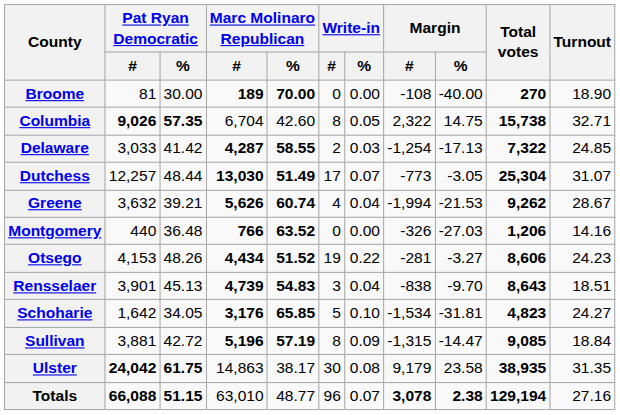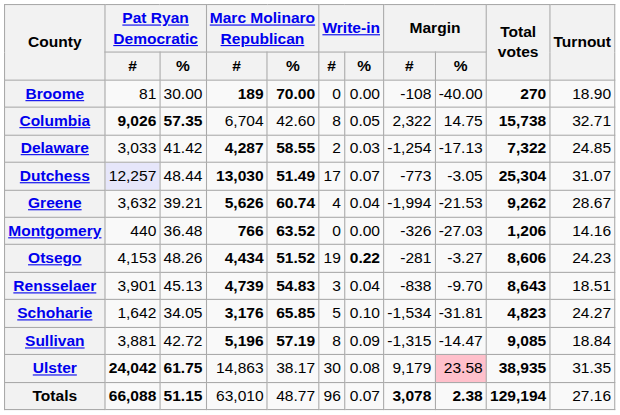 <table class="wikitable sortable" style="text-align:right;font-size:90%;line-height:1.3">
 <tr>
 <th rowspan="2">County</th>
 <th colspan="2"><a href='#'>Pat Ryan</a><br><a href='#'>Democratic</a></th>
 <th colspan="2"><a href='#'>Marc Molinaro</a><br><a href='#'>Republican</a></th>
 <th colspan="2"><a href='#'>Write-in</a></th>
 <th colspan="2">Margin</th>
 <th rowspan="2">Total<br>votes</th>
 <th rowspan="2">Turnout</th>
 </tr>
 <tr>
 <th data-sort-type="number">#</th>
 <th data-sort-type="number">%</th>
 <th data-sort-type="number">#</th>
 <th data-sort-type="number">%</th>
 <th data-sort-type="number">#</th>
 <th data-sort-type="number">%</th>
 <th data-sort-type="number">#</th>
 <th data-sort-type="number">%</th>
 </tr>
 <tr>
 <th><a href='#'>Broome</a> </th>
 <td>81</td>
 <td>30.00</td>
 <td><strong>189</strong></td>
 <td><strong>70.00</strong></td>
 <td>0</td>
 <td>0.00</td>
 <td>-108</td>
 <td>-40.00</td>
 <td><strong>270</strong></td>
 <td>18.90</td>
 </tr>
 <tr>
 <th><a href='#'>Columbia</a></th>
 <td><strong>9,026</strong></td>
 <td><strong>57.35</strong></td>
 <td>6,704</td>
 <td>42.60</td>
 <td>8</td>
 <td>0.05</td>
 <td>2,322</td>
 <td>14.75</td>
 <td><strong>15,738</strong></td>
 <td>32.71</td>
 </tr>
 <tr>
 <th><a href='#'>Delaware</a></th>
 <td>3,033</td>
 <td>41.42</td>
 <td><strong>4,287</strong></td>
 <td><strong>58.55</strong></td>
 <td>2</td>
 <td>0.03</td>
 <td>-1,254</td>
 <td>-17.13</td>
 <td><strong>7,322</strong></td>
 <td>24.85</td>
 </tr>
 <tr>
 <th><a href='#'>Dutchess</a> </th>
-<td>12,257</td>
+<td style="background: lavender;">12,257</td>
 <td>48.44</td>
 <td><strong>13,030</strong></td>
 <td><strong>51.49</strong></td>
 <td>17</td>
 <td>0.07</td>
 <td>-773</td>
 <td>-3.05</td>
 <td><strong>25,304</strong></td>
 <td>31.07</td>
 </tr>
 <tr>
 <th><a href='#'>Greene</a></th>
 <td>3,632</td>
 <td>39.21</td>
 <td><strong>5,626</strong></td>
 <td><strong>60.74</strong></td>
 <td>4</td>
 <td>0.04</td>
 <td>-1,994</td>
 <td>-21.53</td>
 <td><strong>9,262</strong></td>
 <td>28.67</td>
 </tr>
 <tr>
 <th><a href='#'>Montgomery</a> </th>
 <td>440</td>
 <td>36.48</td>
 <td><strong>766</strong></td>
 <td><strong>63.52</strong></td>
 <td>0</td>
 <td>0.00</td>
 <td>-326</td>
 <td>-27.03</td>
 <td><strong>1,206</strong></td>
 <td>14.16</td>
 </tr>
 <tr>
 <th><a href='#'>Otsego</a></th>
 <td>4,153</td>
 <td>48.26</td>
 <td><strong>4,434</strong></td>
 <td><strong>51.52</strong></td>
 <td>19</td>
-<td>0.22</td>
+<td><strong>0.22</strong></td>
 <td>-281</td>
 <td>-3.27</td>
 <td><strong>8,606</strong></td>
 <td>24.23</td>
 </tr>
 <tr>
 <th><a href='#'>Rensselaer</a> </th>
 <td>3,901</td>
 <td>45.13</td>
 <td><strong>4,739</strong></td>
 <td><strong>54.83</strong></td>
 <td>3</td>
 <td>0.04</td>
 <td>-838</td>
 <td>-9.70</td>
 <td><strong>8,643</strong></td>
 <td>18.51</td>
 </tr>
 <tr>
 <th><a href='#'>Schoharie</a></th>
 <td>1,642</td>
 <td>34.05</td>
 <td><strong>3,176</strong></td>
 <td><strong>65.85</strong></td>
 <td>5</td>
 <td>0.10</td>
 <td>-1,534</td>
 <td>-31.81</td>
 <td><strong>4,823</strong></td>
 <td>24.27</td>
 </tr>
 <tr>
 <th><a href='#'>Sullivan</a></th>
 <td>3,881</td>
 <td>42.72</td>
 <td><strong>5,196</strong></td>
 <td><strong>57.19</strong></td>
 <td>8</td>
 <td>0.09</td>
 <td>-1,315</td>
 <td>-14.47</td>
 <td><strong>9,085</strong></td>
 <td>18.84</td>
 </tr>
 <tr>
 <th><a href='#'>Ulster</a></th>
 <td><strong>24,042</strong></td>
 <td><strong>61.75</strong></td>
 <td>14,863</td>
 <td>38.17</td>
 <td>30</td>
 <td>0.08</td>
 <td>9,179</td>
-<td>23.58</td>
+<td style="background: pink;">23.58</td>
 <td><strong>38,935</strong></td>
 <td>31.35</td>
 </tr>
 <tr class="sortbottom">
 <th>Totals</th>
 <td><strong>66,088</strong></td>
 <td><strong>51.15</strong></td>
 <td>63,010</td>
 <td>48.77</td>
 <td>96</td>
 <td>0.07</td>
 <td><strong>3,078</strong></td>
 <td><strong>2.38</strong></td>
 <td><strong>129,194</strong></td>
 <td>27.16</td>
 </tr>
 </table>
